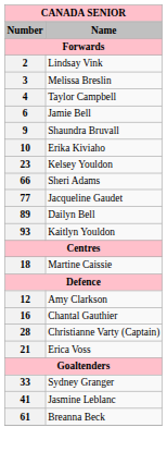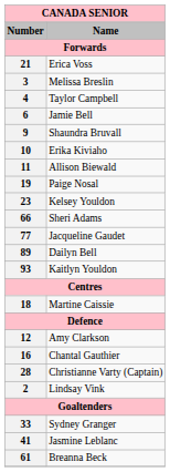 <table class="wikitable" style="text-align:left; font-size:90%;">
 <tr>
 <th style=background:pink colspan=2>CANADA SENIOR</th>
 </tr>
 <tr>
 <th width=10 style="background:silver;">Number</th>
 <th style="background:silver;">Name</th>
 </tr>
 <tr>
 <th style=background:pink colspan=2>Forwards</th>
 </tr>
 <tr>
-<th>2</th>
-<td>Lindsay Vink</td>
+<th>21</th>
+<td>Erica Voss</td>
 </tr>
 <tr>
 <th>3</th>
 <td>Melissa Breslin</td>
 </tr>
 <tr>
 <th>4</th>
 <td>Taylor Campbell</td>
 </tr>
 <tr>
 <th>6</th>
 <td>Jamie Bell</td>
 </tr>
 <tr>
 <th>9</th>
 <td>Shaundra Bruvall</td>
 </tr>
 <tr>
 <th>10</th>
 <td>Erika Kiviaho</td>
+</tr>
+<tr>
+<th>11</th>
+<td>Allison Biewald</td>
+</tr>
+<tr>
+<th>19</th>
+<td>Paige Nosal</td>
 </tr>
 <tr>
 <th>23</th>
 <td>Kelsey Youldon</td>
 </tr>
 <tr>
 <th>66</th>
 <td>Sheri Adams</td>
 </tr>
 <tr>
 <th>77</th>
 <td>Jacqueline Gaudet</td>
 </tr>
 <tr>
 <th>89</th>
 <td>Dailyn Bell</td>
 </tr>
 <tr>
 <th>93</th>
 <td>Kaitlyn Youldon</td>
 </tr>
 <tr>
 <th style=background:pink colspan=2>Centres</th>
 </tr>
 <tr>
 <th>18</th>
 <td>Martine Caissie</td>
 </tr>
 <tr>
 <th style=background:pink colspan=2>Defence</th>
 </tr>
 <tr>
 <th>12</th>
 <td>Amy Clarkson</td>
 </tr>
 <tr>
 <th>16</th>
 <td>Chantal Gauthier</td>
 </tr>
 <tr>
 <th>28</th>
 <td>Christianne Varty (Captain)</td>
 </tr>
 <tr>
-<th>21</th>
-<td>Erica Voss</td>
+<th>2</th>
+<td>Lindsay Vink</td>
 </tr>
 <tr>
 <th style=background:pink colspan=2>Goaltenders</th>
 </tr>
 <tr>
 <th>33</th>
 <td>Sydney Granger</td>
 </tr>
 <tr>
 <th>41</th>
 <td>Jasmine Leblanc</td>
 </tr>
 <tr>
 <th>61</th>
 <td>Breanna Beck</td>
 </tr>
 <tr>
 </tr>
 </table>
